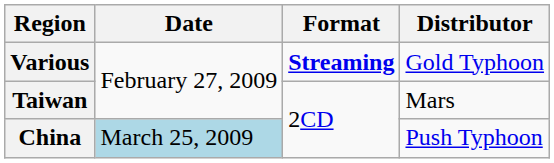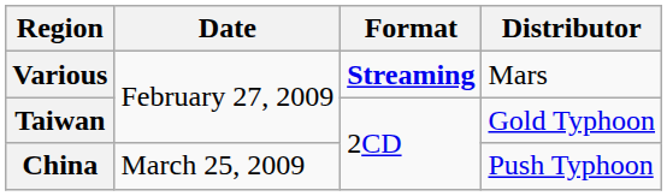 <table class="wikitable plainrowheaders">
 <tr>
 <th>Region</th>
 <th>Date</th>
 <th>Format</th>
 <th>Distributor</th>
 </tr>
 <tr>
 <th scope="row">Various</th>
 <td rowspan="2">February 27, 2009</td>
 <td><strong><a href='#'>Streaming</a></strong></td>
-<td><a href='#'>Gold Typhoon</a></td>
+<td>Mars</td>
 </tr>
 <tr>
 <th scope="row">Taiwan</th>
 <td rowspan="2">2<a href='#'>CD</a></td>
-<td>Mars</td>
+<td><a href='#'>Gold Typhoon</a></td>
 </tr>
 <tr>
 <th scope="row">China</th>
-<td style="background: lightblue;">March 25, 2009</td>
+<td>March 25, 2009</td>
 <td><a href='#'>Push Typhoon</a></td>
 </tr>
 </table>
